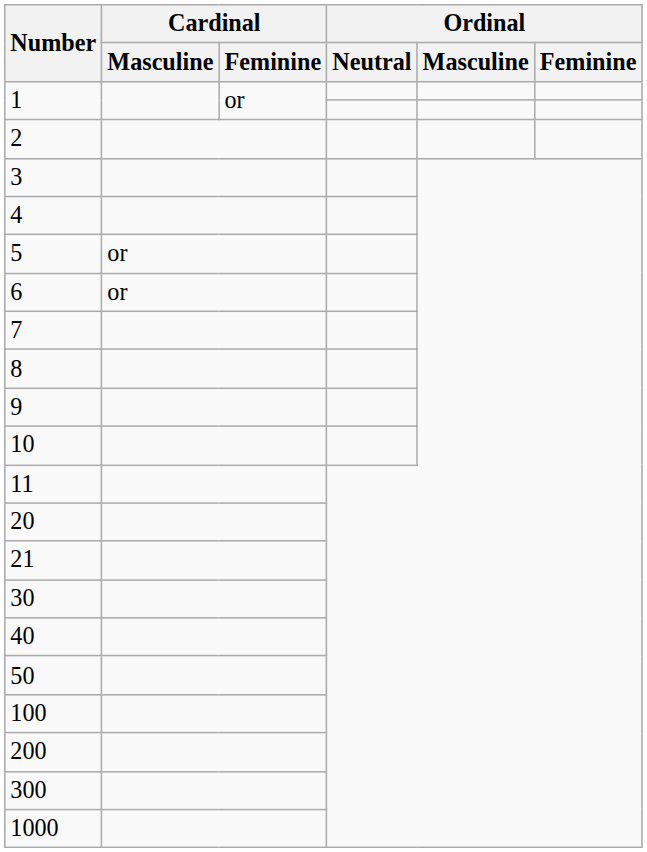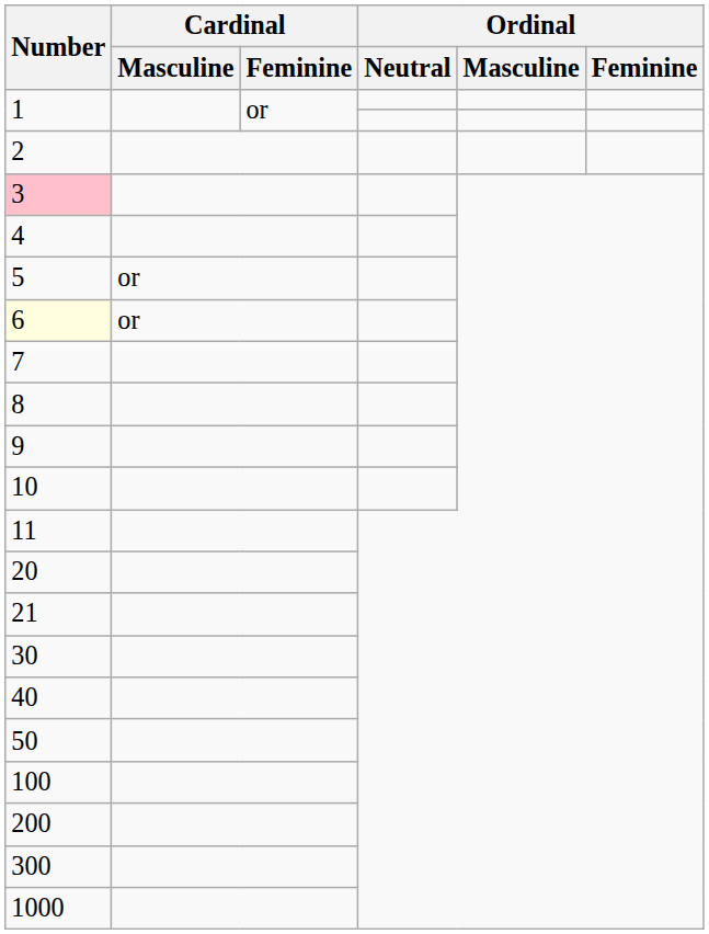 <table class="wikitable">
 <tr>
 <th rowspan="2">Number</th>
 <th colspan="2">Cardinal</th>
 <th colspan="3">Ordinal</th>
 </tr>
 <tr>
 <th>Masculine</th>
 <th>Feminine</th>
 <th>Neutral</th>
 <th>Masculine</th>
 <th>Feminine</th>
 </tr>
 <tr>
 <td rowspan="2">1</td>
 <td rowspan="2"></td>
 <td rowspan="2"> or </td>
 <td></td>
 <td></td>
 <td></td>
 </tr>
 <tr>
 <td></td>
 <td></td>
 <td></td>
 </tr>
 <tr>
 <td>2</td>
 <td colspan="2"></td>
 <td></td>
 <td></td>
 <td></td>
 </tr>
 <tr>
-<td>3</td>
+<td style="background: pink;">3</td>
 <td colspan="2"></td>
 <td></td>
 </tr>
 <tr>
 <td>4</td>
 <td colspan="2"></td>
 <td></td>
 </tr>
 <tr>
 <td>5</td>
 <td colspan="2"> or </td>
 <td></td>
 </tr>
 <tr>
-<td>6</td>
+<td style="background: lightyellow;">6</td>
 <td colspan="2"> or </td>
 <td></td>
 </tr>
 <tr>
 <td>7</td>
 <td colspan="2"></td>
 <td></td>
 </tr>
 <tr>
 <td>8</td>
 <td colspan="2"></td>
 <td></td>
 </tr>
 <tr>
 <td>9</td>
 <td colspan="2"></td>
 <td></td>
 </tr>
 <tr>
 <td>10</td>
 <td colspan="2"></td>
 <td></td>
 </tr>
 <tr>
 <td>11</td>
 <td colspan="2"></td>
 </tr>
 <tr>
 <td>20</td>
 <td colspan="2"></td>
 </tr>
 <tr>
 <td>21</td>
 <td colspan="2"></td>
 </tr>
 <tr>
 <td>30</td>
 <td colspan="2"></td>
 </tr>
 <tr>
 <td>40</td>
 <td colspan="2"></td>
 </tr>
 <tr>
 <td>50</td>
 <td colspan="2"></td>
 </tr>
 <tr>
 <td>100</td>
 <td colspan="2"></td>
 </tr>
 <tr>
 <td>200</td>
 <td colspan="2"></td>
 </tr>
 <tr>
 <td>300</td>
 <td colspan="2"></td>
 </tr>
 <tr>
 <td>1000</td>
 <td colspan="2"></td>
 </tr>
 </table>
